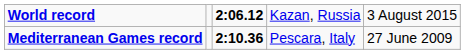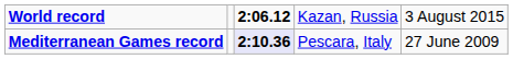 <table class="wikitable">
 <tr>
 <td><strong><a href='#'>World record</a></strong></td>
 <td></td>
 <td><strong>2:06.12</strong></td>
 <td><a href='#'>Kazan</a>, <a href='#'>Russia</a></td>
 <td>3 August 2015</td>
 </tr>
 <tr>
 <td><strong><a href='#'>Mediterranean Games record</a></strong></td>
 <td></td>
-<td><strong>2:10.36</strong></td>
+<td style="background: lavender;"><strong>2:10.36</strong></td>
 <td><a href='#'>Pescara</a>, <a href='#'>Italy</a></td>
 <td>27 June 2009</td>
 </tr>
 </table>
